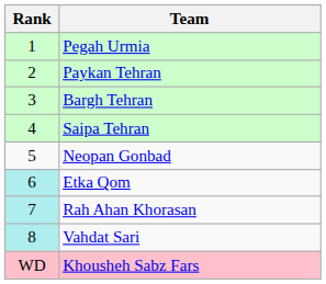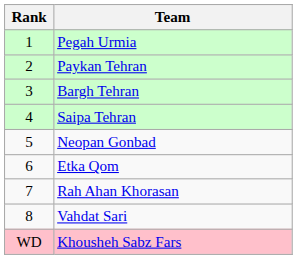 <table class="wikitable" style="text-align:center; font-size:90%">
 <tr>
 <th width=40>Rank</th>
 <th width=220>Team</th>
 </tr>
 <tr bgcolor=ccffcc>
 <td>1</td>
 <td align="left"><a href='#'>Pegah Urmia</a></td>
 </tr>
 <tr bgcolor=CCFFCC>
 <td>2</td>
 <td align="left"><a href='#'>Paykan Tehran</a></td>
 </tr>
 <tr bgcolor=CCFFCC>
 <td>3</td>
 <td align="left"><a href='#'>Bargh Tehran</a></td>
 </tr>
 <tr bgcolor=CCFFCC>
 <td>4</td>
 <td align="left"><a href='#'>Saipa Tehran</a></td>
 </tr>
 <tr>
 <td>5</td>
 <td align="left"><a href='#'>Neopan Gonbad</a></td>
 </tr>
 <tr>
-<td style="background: paleturquoise;">6</td>
+<td>6</td>
 <td align="left"><a href='#'>Etka Qom</a></td>
 </tr>
 <tr>
-<td style="background: paleturquoise;">7</td>
+<td>7</td>
 <td align="left"><a href='#'>Rah Ahan Khorasan</a></td>
 </tr>
 <tr>
-<td style="background: paleturquoise;">8</td>
+<td>8</td>
 <td align="left"><a href='#'>Vahdat Sari</a></td>
 </tr>
 <tr bgcolor=pink>
 <td>WD</td>
 <td align="left"><a href='#'>Khousheh Sabz Fars</a></td>
 </tr>
 </table>
